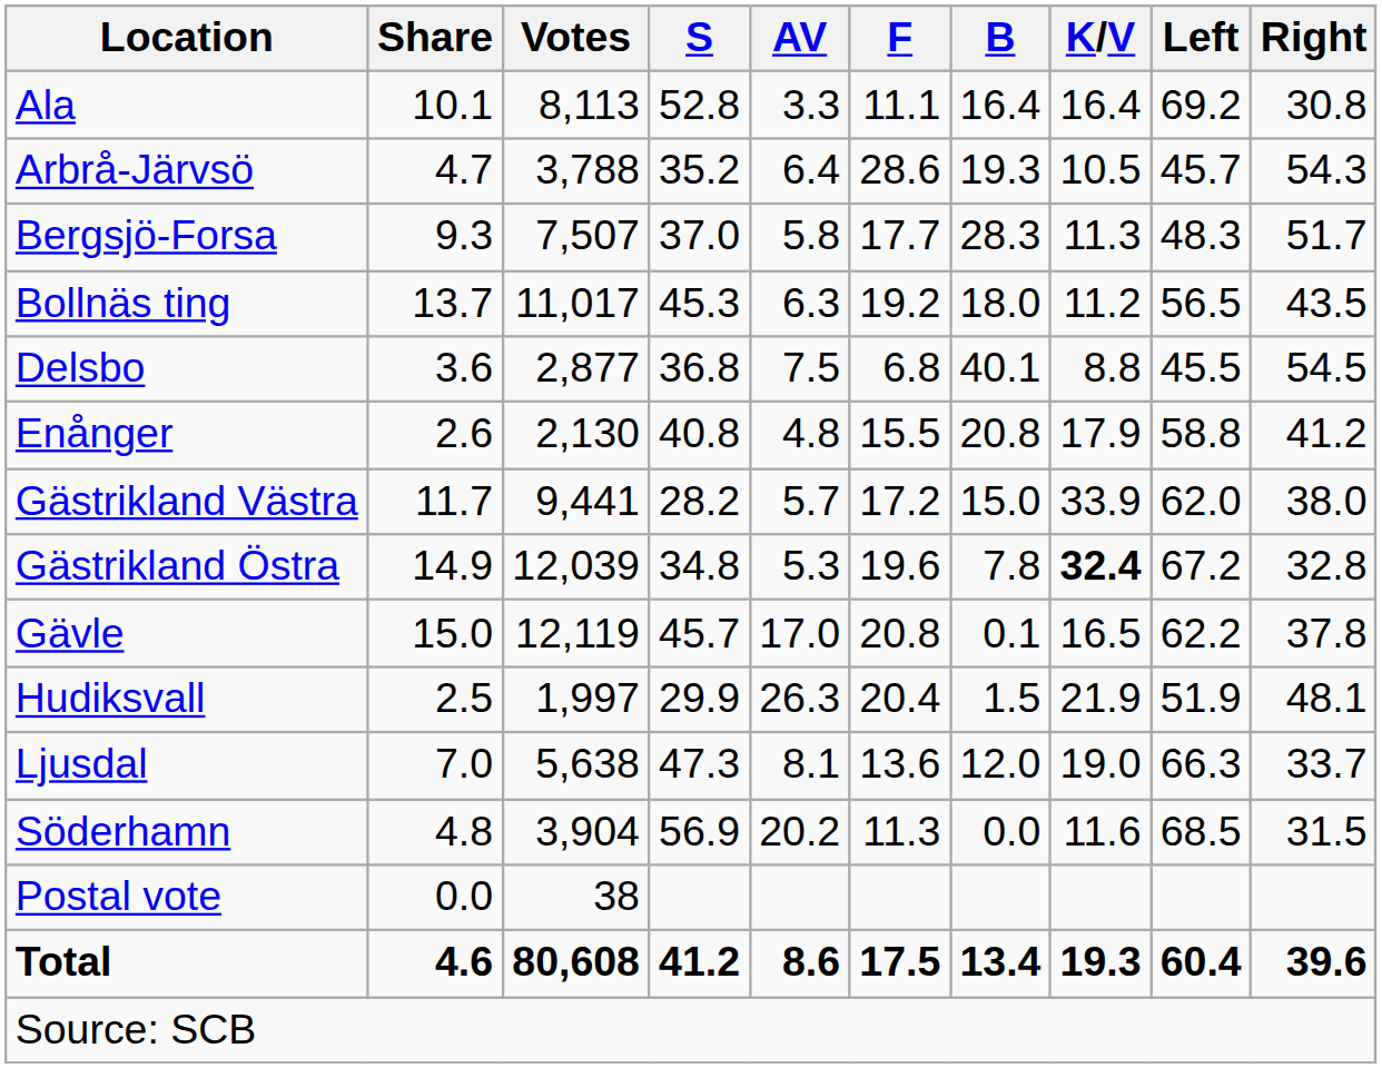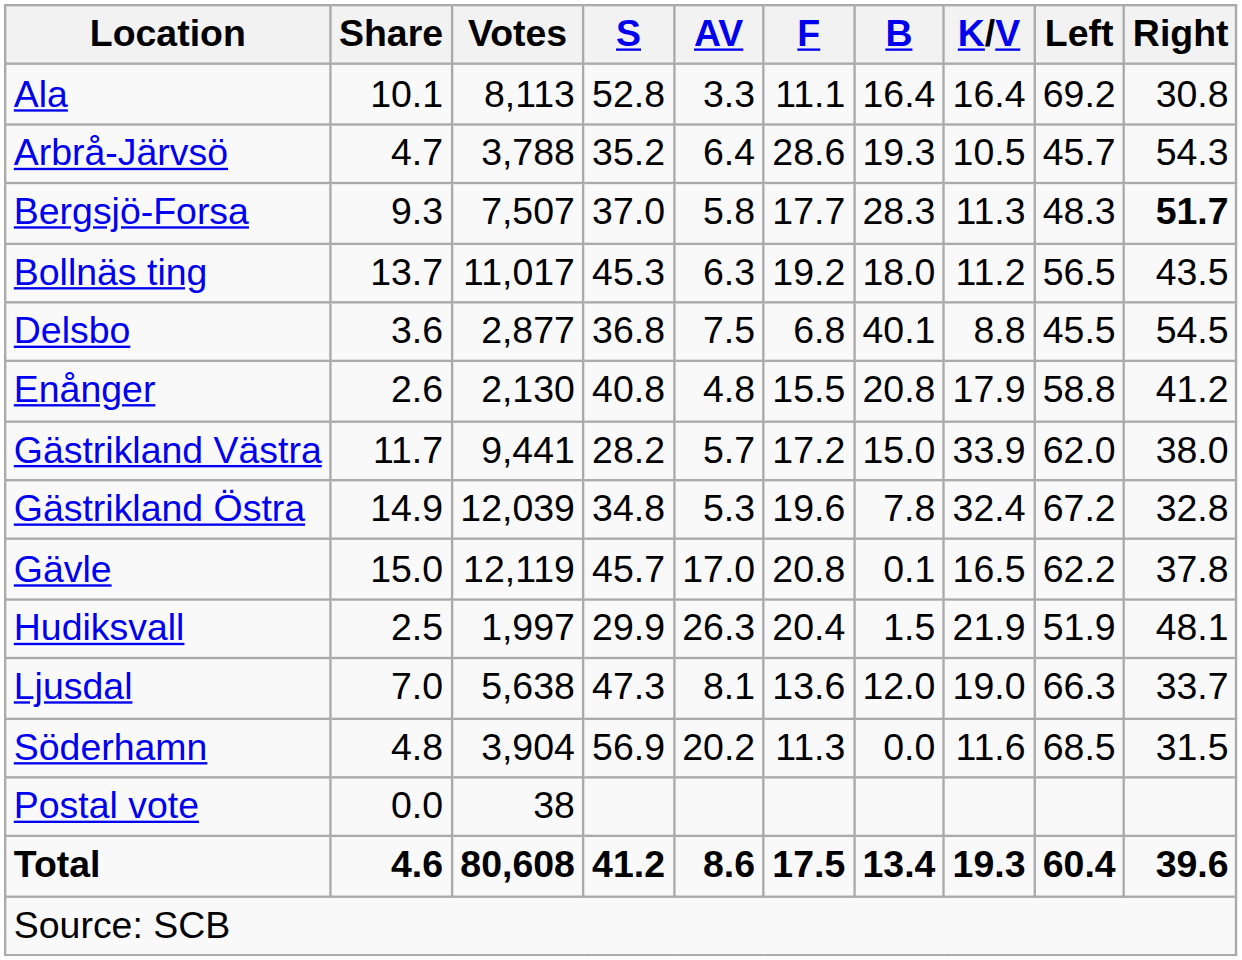 <table class="wikitable sortable" style=text-align:right>
 <tr>
 <th>Location</th>
 <th>Share</th>
 <th>Votes</th>
 <th><a href='#'>S</a></th>
 <th><a href='#'>AV</a></th>
 <th><a href='#'>F</a></th>
 <th><a href='#'>B</a></th>
 <th><a href='#'>K</a>/<a href='#'>V</a></th>
 <th>Left</th>
 <th>Right</th>
 </tr>
 <tr>
 <td align=left><a href='#'>Ala</a></td>
 <td>10.1</td>
 <td>8,113</td>
 <td>52.8</td>
 <td>3.3</td>
 <td>11.1</td>
 <td>16.4</td>
 <td>16.4</td>
 <td>69.2</td>
 <td>30.8</td>
 </tr>
 <tr>
 <td align=left><a href='#'>Arbrå-Järvsö</a></td>
 <td>4.7</td>
 <td>3,788</td>
 <td>35.2</td>
 <td>6.4</td>
 <td>28.6</td>
 <td>19.3</td>
 <td>10.5</td>
 <td>45.7</td>
 <td>54.3</td>
 </tr>
 <tr>
 <td align=left><a href='#'>Bergsjö-Forsa</a></td>
 <td>9.3</td>
 <td>7,507</td>
 <td>37.0</td>
 <td>5.8</td>
 <td>17.7</td>
 <td>28.3</td>
 <td>11.3</td>
 <td>48.3</td>
-<td>51.7</td>
+<td><strong>51.7</strong></td>
 </tr>
 <tr>
 <td align=left><a href='#'>Bollnäs ting</a></td>
 <td>13.7</td>
 <td>11,017</td>
 <td>45.3</td>
 <td>6.3</td>
 <td>19.2</td>
 <td>18.0</td>
 <td>11.2</td>
 <td>56.5</td>
 <td>43.5</td>
 </tr>
 <tr>
 <td align=left><a href='#'>Delsbo</a></td>
 <td>3.6</td>
 <td>2,877</td>
 <td>36.8</td>
 <td>7.5</td>
 <td>6.8</td>
 <td>40.1</td>
 <td>8.8</td>
 <td>45.5</td>
 <td>54.5</td>
 </tr>
 <tr>
 <td align=left><a href='#'>Enånger</a></td>
 <td>2.6</td>
 <td>2,130</td>
 <td>40.8</td>
 <td>4.8</td>
 <td>15.5</td>
 <td>20.8</td>
 <td>17.9</td>
 <td>58.8</td>
 <td>41.2</td>
 </tr>
 <tr>
 <td align=left><a href='#'>Gästrikland Västra</a></td>
 <td>11.7</td>
 <td>9,441</td>
 <td>28.2</td>
 <td>5.7</td>
 <td>17.2</td>
 <td>15.0</td>
 <td>33.9</td>
 <td>62.0</td>
 <td>38.0</td>
 </tr>
 <tr>
 <td align=left><a href='#'>Gästrikland Östra</a></td>
 <td>14.9</td>
 <td>12,039</td>
 <td>34.8</td>
 <td>5.3</td>
 <td>19.6</td>
 <td>7.8</td>
-<td><strong>32.4</strong></td>
+<td>32.4</td>
 <td>67.2</td>
 <td>32.8</td>
 </tr>
 <tr>
 <td align=left><a href='#'>Gävle</a></td>
 <td>15.0</td>
 <td>12,119</td>
 <td>45.7</td>
 <td>17.0</td>
 <td>20.8</td>
 <td>0.1</td>
 <td>16.5</td>
 <td>62.2</td>
 <td>37.8</td>
 </tr>
 <tr>
 <td align=left><a href='#'>Hudiksvall</a></td>
 <td>2.5</td>
 <td>1,997</td>
 <td>29.9</td>
 <td>26.3</td>
 <td>20.4</td>
 <td>1.5</td>
 <td>21.9</td>
 <td>51.9</td>
 <td>48.1</td>
 </tr>
 <tr>
 <td align=left><a href='#'>Ljusdal</a></td>
 <td>7.0</td>
 <td>5,638</td>
 <td>47.3</td>
 <td>8.1</td>
 <td>13.6</td>
 <td>12.0</td>
 <td>19.0</td>
 <td>66.3</td>
 <td>33.7</td>
 </tr>
 <tr>
 <td align=left><a href='#'>Söderhamn</a></td>
 <td>4.8</td>
 <td>3,904</td>
 <td>56.9</td>
 <td>20.2</td>
 <td>11.3</td>
 <td>0.0</td>
 <td>11.6</td>
 <td>68.5</td>
 <td>31.5</td>
 </tr>
 <tr>
 <td align=left><a href='#'>Postal vote</a></td>
 <td>0.0</td>
 <td>38</td>
 <td></td>
 <td></td>
 <td></td>
 <td></td>
 <td></td>
 <td></td>
 <td></td>
 </tr>
 <tr>
 <td align=left><strong>Total</strong></td>
 <td><strong>4.6</strong></td>
 <td><strong>80,608</strong></td>
 <td><strong>41.2</strong></td>
 <td><strong>8.6</strong></td>
 <td><strong>17.5</strong></td>
 <td><strong>13.4</strong></td>
 <td><strong>19.3</strong></td>
 <td><strong>60.4</strong></td>
 <td><strong>39.6</strong></td>
 </tr>
 <tr>
 <td align=left colspan=10>Source: SCB </td>
 </tr>
 </table>
